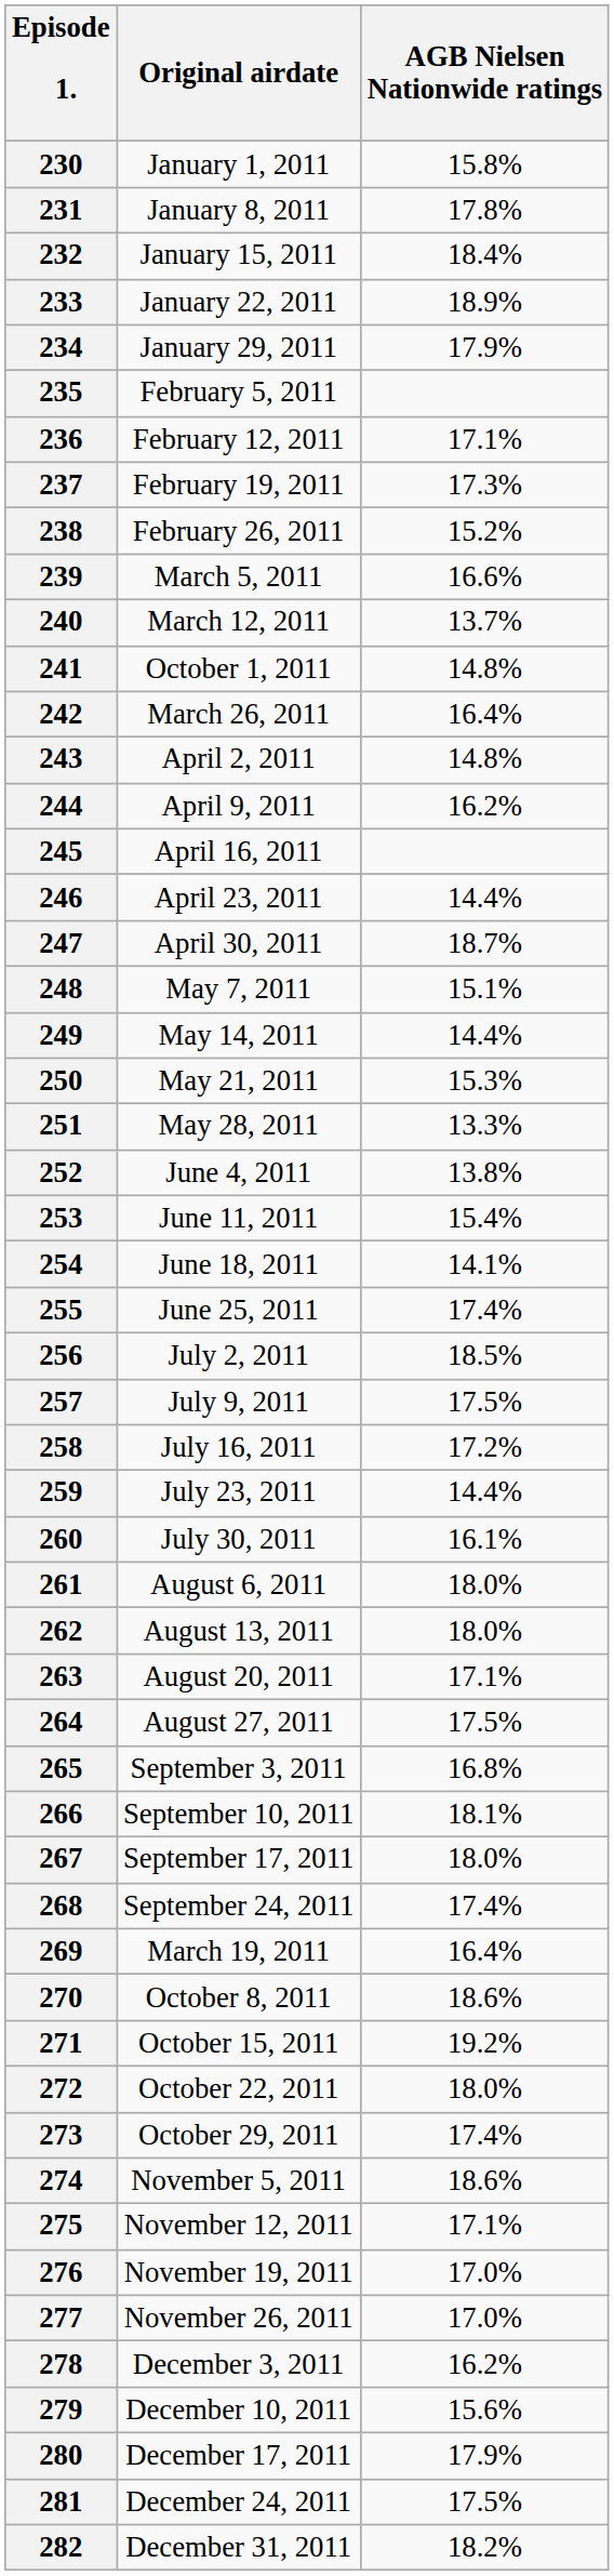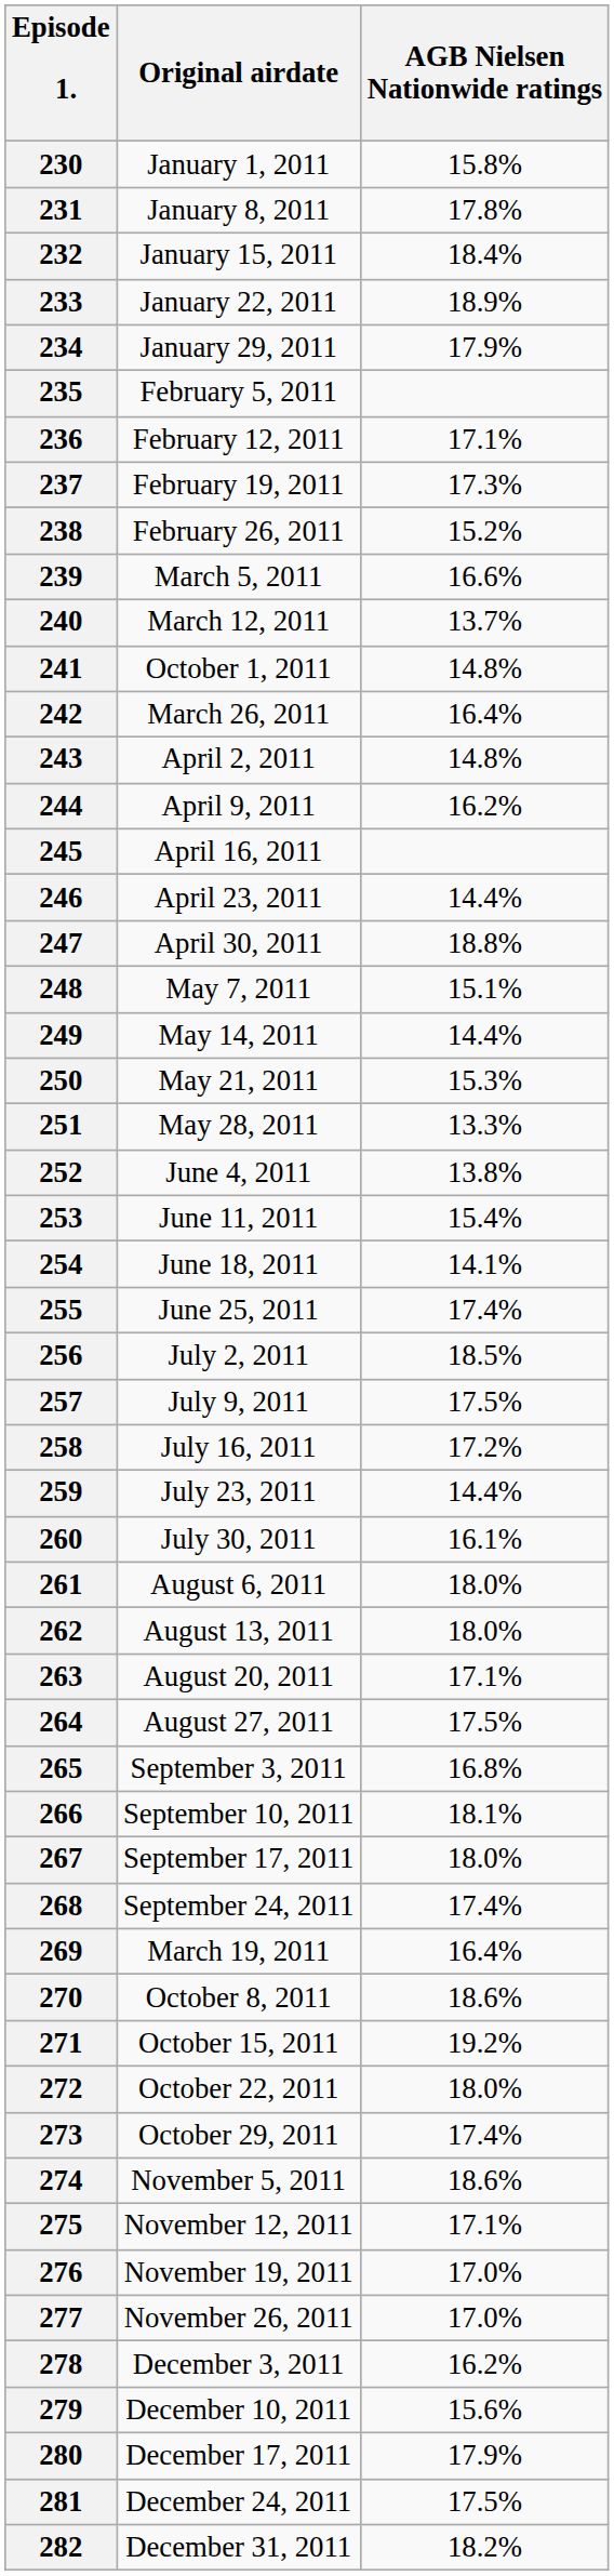 <table class=wikitable style="text-align:center">
 <tr>
 <th>Episode<br><ol><li></li></ol></th>
 <th>Original airdate</th>
 <th>AGB Nielsen<br>Nationwide ratings</th>
 </tr>
 <tr>
 <th>230</th>
 <td>January 1, 2011</td>
 <td>15.8%</td>
 </tr>
 <tr>
 <th>231</th>
 <td>January 8, 2011</td>
 <td>17.8%</td>
 </tr>
 <tr>
 <th>232</th>
 <td>January 15, 2011</td>
 <td>18.4%</td>
 </tr>
 <tr>
 <th>233</th>
 <td>January 22, 2011</td>
 <td>18.9%</td>
 </tr>
 <tr>
 <th>234</th>
 <td>January 29, 2011</td>
 <td>17.9%</td>
 </tr>
 <tr>
 <th>235</th>
 <td>February 5, 2011</td>
 <td></td>
 </tr>
 <tr>
 <th>236</th>
 <td>February 12, 2011</td>
 <td>17.1%</td>
 </tr>
 <tr>
 <th>237</th>
 <td>February 19, 2011</td>
 <td>17.3%</td>
 </tr>
 <tr>
 <th>238</th>
 <td>February 26, 2011</td>
 <td>15.2%</td>
 </tr>
 <tr>
 <th>239</th>
 <td>March 5, 2011</td>
 <td>16.6%</td>
 </tr>
 <tr>
 <th>240</th>
 <td>March 12, 2011</td>
 <td>13.7%</td>
 </tr>
 <tr>
 <th>241</th>
 <td>October 1, 2011</td>
 <td>14.8%</td>
 </tr>
 <tr>
 <th>242</th>
 <td>March 26, 2011</td>
 <td>16.4%</td>
 </tr>
 <tr>
 <th>243</th>
 <td>April 2, 2011</td>
 <td>14.8%</td>
 </tr>
 <tr>
 <th>244</th>
 <td>April 9, 2011</td>
 <td>16.2%</td>
 </tr>
 <tr>
 <th>245</th>
 <td>April 16, 2011</td>
 <td></td>
 </tr>
 <tr>
 <th>246</th>
 <td>April 23, 2011</td>
 <td>14.4%</td>
 </tr>
 <tr>
 <th>247</th>
 <td>April 30, 2011</td>
-<td>18.7%</td>
+<td>18.8%</td>
 </tr>
 <tr>
 <th>248</th>
 <td>May 7, 2011</td>
 <td>15.1%</td>
 </tr>
 <tr>
 <th>249</th>
 <td>May 14, 2011</td>
 <td>14.4%</td>
 </tr>
 <tr>
 <th>250</th>
 <td>May 21, 2011</td>
 <td>15.3%</td>
 </tr>
 <tr>
 <th>251</th>
 <td>May 28, 2011</td>
 <td>13.3%</td>
 </tr>
 <tr>
 <th>252</th>
 <td>June 4, 2011</td>
 <td>13.8%</td>
 </tr>
 <tr>
 <th>253</th>
 <td>June 11, 2011</td>
 <td>15.4%</td>
 </tr>
 <tr>
 <th>254</th>
 <td>June 18, 2011</td>
 <td>14.1%</td>
 </tr>
 <tr>
 <th>255</th>
 <td>June 25, 2011</td>
 <td>17.4%</td>
 </tr>
 <tr>
 <th>256</th>
 <td>July 2, 2011</td>
 <td>18.5%</td>
 </tr>
 <tr>
 <th>257</th>
 <td>July 9, 2011</td>
 <td>17.5%</td>
 </tr>
 <tr>
 <th>258</th>
 <td>July 16, 2011</td>
 <td>17.2%</td>
 </tr>
 <tr>
 <th>259</th>
 <td>July 23, 2011</td>
 <td>14.4%</td>
 </tr>
 <tr>
 <th>260</th>
 <td>July 30, 2011</td>
 <td>16.1%</td>
 </tr>
 <tr>
 <th>261</th>
 <td>August 6, 2011</td>
 <td>18.0%</td>
 </tr>
 <tr>
 <th>262</th>
 <td>August 13, 2011</td>
 <td>18.0%</td>
 </tr>
 <tr>
 <th>263</th>
 <td>August 20, 2011</td>
 <td>17.1%</td>
 </tr>
 <tr>
 <th>264</th>
 <td>August 27, 2011</td>
 <td>17.5%</td>
 </tr>
 <tr>
 <th>265</th>
 <td>September 3, 2011</td>
 <td>16.8%</td>
 </tr>
 <tr>
 <th>266</th>
 <td>September 10, 2011</td>
 <td>18.1%</td>
 </tr>
 <tr>
 <th>267</th>
 <td>September 17, 2011</td>
 <td>18.0%</td>
 </tr>
 <tr>
 <th>268</th>
 <td>September 24, 2011</td>
 <td>17.4%</td>
 </tr>
 <tr>
 <th>269</th>
 <td>March 19, 2011</td>
 <td>16.4%</td>
 </tr>
 <tr>
 <th>270</th>
 <td>October 8, 2011</td>
 <td>18.6%</td>
 </tr>
 <tr>
 <th>271</th>
 <td>October 15, 2011</td>
 <td>19.2%</td>
 </tr>
 <tr>
 <th>272</th>
 <td>October 22, 2011</td>
 <td>18.0%</td>
 </tr>
 <tr>
 <th>273</th>
 <td>October 29, 2011</td>
 <td>17.4%</td>
 </tr>
 <tr>
 <th>274</th>
 <td>November 5, 2011</td>
 <td>18.6%</td>
 </tr>
 <tr>
 <th>275</th>
 <td>November 12, 2011</td>
 <td>17.1%</td>
 </tr>
 <tr>
 <th>276</th>
 <td>November 19, 2011</td>
 <td>17.0%</td>
 </tr>
 <tr>
 <th>277</th>
 <td>November 26, 2011</td>
 <td>17.0%</td>
 </tr>
 <tr>
 <th>278</th>
 <td>December 3, 2011</td>
 <td>16.2%</td>
 </tr>
 <tr>
 <th>279</th>
 <td>December 10, 2011</td>
 <td>15.6%</td>
 </tr>
 <tr>
 <th>280</th>
 <td>December 17, 2011</td>
 <td>17.9%</td>
 </tr>
 <tr>
 <th>281</th>
 <td>December 24, 2011</td>
 <td>17.5%</td>
 </tr>
 <tr>
 <th>282</th>
 <td>December 31, 2011</td>
 <td>18.2%</td>
 </tr>
 </table>
